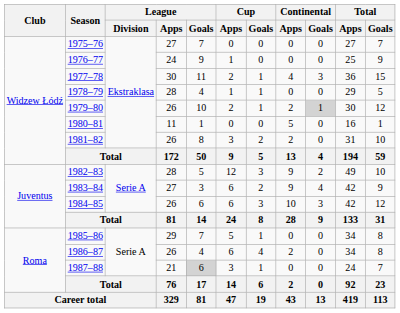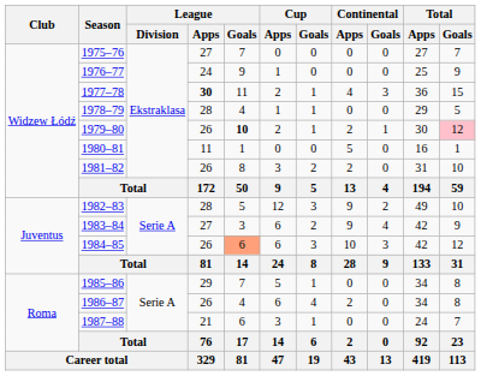 <table class="wikitable" style="text-align:center">
 <tr>
 <th rowspan="2">Club</th>
 <th rowspan="2">Season</th>
 <th colspan="3">League</th>
 <th colspan="2">Cup</th>
 <th colspan="2">Continental</th>
 <th colspan="2">Total</th>
 </tr>
 <tr>
 <th>Division</th>
 <th width="40">Apps</th>
 <th width="40">Goals</th>
 <th width="40">Apps</th>
 <th width="40">Goals</th>
 <th width="40">Apps</th>
 <th width="40">Goals</th>
 <th width="40">Apps</th>
 <th width="40">Goals</th>
 </tr>
 <tr>
 <td rowspan="8"><a href='#'>Widzew Łódź</a></td>
 <td><a href='#'>1975–76</a></td>
 <td rowspan="7"><a href='#'>Ekstraklasa</a></td>
 <td>27</td>
 <td>7</td>
 <td>0</td>
 <td>0</td>
 <td>0</td>
 <td>0</td>
 <td>27</td>
 <td>7</td>
 </tr>
 <tr>
 <td><a href='#'>1976–77</a></td>
 <td>24</td>
 <td>9</td>
 <td>1</td>
 <td>0</td>
 <td>0</td>
 <td>0</td>
 <td>25</td>
 <td>9</td>
 </tr>
 <tr>
 <td><a href='#'>1977–78</a></td>
-<td>30</td>
+<td><strong>30</strong></td>
 <td>11</td>
 <td>2</td>
 <td>1</td>
 <td>4</td>
 <td>3</td>
 <td>36</td>
 <td>15</td>
 </tr>
 <tr>
 <td><a href='#'>1978–79</a></td>
 <td>28</td>
 <td>4</td>
 <td>1</td>
 <td>1</td>
 <td>0</td>
 <td>0</td>
 <td>29</td>
 <td>5</td>
 </tr>
 <tr>
 <td><a href='#'>1979–80</a></td>
 <td>26</td>
-<td>10</td>
+<td><strong>10</strong></td>
 <td>2</td>
 <td>1</td>
 <td>2</td>
-<td style="background: lightgrey;">1</td>
+<td>1</td>
 <td>30</td>
-<td>12</td>
+<td style="background: pink;">12</td>
 </tr>
 <tr>
 <td><a href='#'>1980–81</a></td>
 <td>11</td>
 <td>1</td>
 <td>0</td>
 <td>0</td>
 <td>5</td>
 <td>0</td>
 <td>16</td>
 <td>1</td>
 </tr>
 <tr>
 <td><a href='#'>1981–82</a></td>
 <td>26</td>
 <td>8</td>
 <td>3</td>
 <td>2</td>
 <td>2</td>
 <td>0</td>
 <td>31</td>
 <td>10</td>
 </tr>
 <tr>
 <th colspan="2">Total</th>
 <th>172</th>
 <th>50</th>
 <th>9</th>
 <th>5</th>
 <th>13</th>
 <th>4</th>
 <th>194</th>
 <th>59</th>
 </tr>
 <tr>
 <td rowspan="4"><a href='#'>Juventus</a></td>
 <td><a href='#'>1982–83</a></td>
 <td rowspan="3"><a href='#'>Serie A</a></td>
 <td>28</td>
 <td>5</td>
 <td>12</td>
 <td>3</td>
 <td>9</td>
 <td>2</td>
 <td>49</td>
 <td>10</td>
 </tr>
 <tr>
 <td><a href='#'>1983–84</a></td>
 <td>27</td>
 <td>3</td>
 <td>6</td>
 <td>2</td>
 <td>9</td>
 <td>4</td>
 <td>42</td>
 <td>9</td>
 </tr>
 <tr>
 <td><a href='#'>1984–85</a></td>
 <td>26</td>
-<td>6</td>
+<td style="background: lightsalmon;">6</td>
 <td>6</td>
 <td>3</td>
 <td>10</td>
 <td>3</td>
 <td>42</td>
 <td>12</td>
 </tr>
 <tr>
 <th colspan="2">Total</th>
 <th>81</th>
 <th>14</th>
 <th>24</th>
 <th>8</th>
 <th>28</th>
 <th>9</th>
 <th>133</th>
 <th>31</th>
 </tr>
 <tr>
 <td rowspan="4"><a href='#'>Roma</a></td>
 <td><a href='#'>1985–86</a></td>
 <td rowspan="3">Serie A</td>
 <td>29</td>
 <td>7</td>
 <td>5</td>
 <td>1</td>
 <td>0</td>
 <td>0</td>
 <td>34</td>
 <td>8</td>
 </tr>
 <tr>
 <td><a href='#'>1986–87</a></td>
 <td>26</td>
 <td>4</td>
 <td>6</td>
 <td>4</td>
 <td>2</td>
 <td>0</td>
 <td>34</td>
 <td>8</td>
 </tr>
 <tr>
 <td><a href='#'>1987–88</a></td>
 <td>21</td>
-<td style="background: lightgrey;">6</td>
+<td>6</td>
 <td>3</td>
 <td>1</td>
 <td>0</td>
 <td>0</td>
 <td>24</td>
 <td>7</td>
 </tr>
 <tr>
 <th colspan="2">Total</th>
 <th>76</th>
 <th>17</th>
 <th>14</th>
 <th>6</th>
 <th>2</th>
 <th>0</th>
 <th>92</th>
 <th>23</th>
 </tr>
 <tr>
 <th colspan="3">Career total</th>
 <th>329</th>
 <th>81</th>
 <th>47</th>
 <th>19</th>
 <th>43</th>
 <th>13</th>
 <th>419</th>
 <th>113</th>
 </tr>
 </table>
